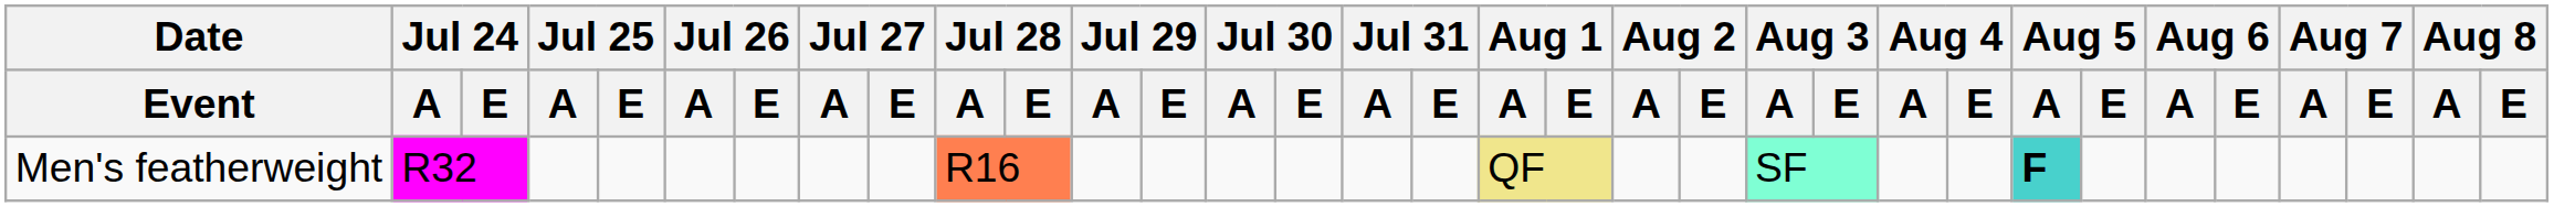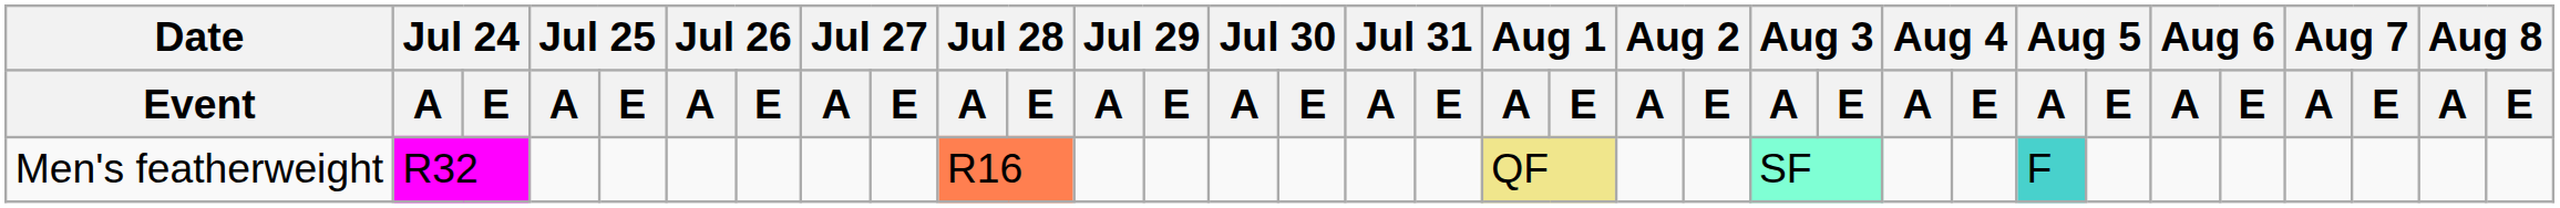 <table class="wikitable olympic-schedule Boxing">
 <tr>
 <th>Date</th>
 <th colspan="2">Jul 24</th>
 <th colspan="2">Jul 25</th>
 <th colspan="2">Jul 26</th>
 <th colspan="2">Jul 27</th>
 <th colspan="2">Jul 28</th>
 <th colspan="2">Jul 29</th>
 <th colspan="2">Jul 30</th>
 <th colspan="2">Jul 31</th>
 <th colspan="2">Aug 1</th>
 <th colspan="2">Aug 2</th>
 <th colspan="2">Aug 3</th>
 <th colspan="2">Aug 4</th>
 <th colspan="2">Aug 5</th>
 <th colspan="2">Aug 6</th>
 <th colspan="2">Aug 7</th>
 <th colspan="2">Aug 8</th>
 </tr>
 <tr>
 <th>Event</th>
 <th>A</th>
 <th>E</th>
 <th>A</th>
 <th>E</th>
 <th>A</th>
 <th>E</th>
 <th>A</th>
 <th>E</th>
 <th>A</th>
 <th>E</th>
 <th>A</th>
 <th>E</th>
 <th>A</th>
 <th>E</th>
 <th>A</th>
 <th>E</th>
 <th>A</th>
 <th>E</th>
 <th>A</th>
 <th>E</th>
 <th>A</th>
 <th>E</th>
 <th>A</th>
 <th>E</th>
 <th>A</th>
 <th>E</th>
 <th>A</th>
 <th>E</th>
 <th>A</th>
 <th>E</th>
 <th>A</th>
 <th>E</th>
 </tr>
 <tr>
 <td class="event">Men's featherweight</td>
 <td colspan="2" bgcolor="#FF00FF" class="roundof32">R32</td>
 <td></td>
 <td></td>
 <td></td>
 <td></td>
 <td></td>
 <td></td>
 <td colspan="2" bgcolor="#FF7F50" class="roundof16">R16</td>
 <td></td>
 <td></td>
 <td></td>
 <td></td>
 <td></td>
 <td></td>
 <td colspan="2" bgcolor="#F0E68C" class="quarterfinals">QF</td>
 <td></td>
 <td></td>
 <td colspan="2" bgcolor="#7FFFD4" class="semifinals">SF</td>
 <td></td>
 <td></td>
-<td bgcolor="#48D1CC" class="final"><strong>F</strong></td>
+<td bgcolor="#48D1CC" class="final">F</td>
 <td></td>
 <td></td>
 <td></td>
 <td></td>
 <td></td>
 <td></td>
 <td></td>
 </tr>
 </table>
